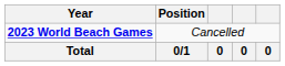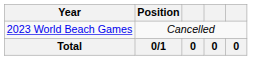 <table class="wikitable" style="text-align: center;">
 <tr>
 <th>Year</th>
 <th>Position</th>
 <th width=25px></th>
 <th width=25px></th>
 <th width=25px></th>
 </tr>
 <tr>
-<td style="text-align:left;"><strong> <a href='#'>2023 World Beach Games</a></strong></td>
+<td style="text-align:left;"> <a href='#'>2023 World Beach Games</a></td>
 <td colspan=5><em>Cancelled</em></td>
 </tr>
 <tr>
 <th>Total</th>
 <th>0/1</th>
 <th>0</th>
 <th>0</th>
 <th>0</th>
 </tr>
 </table>
